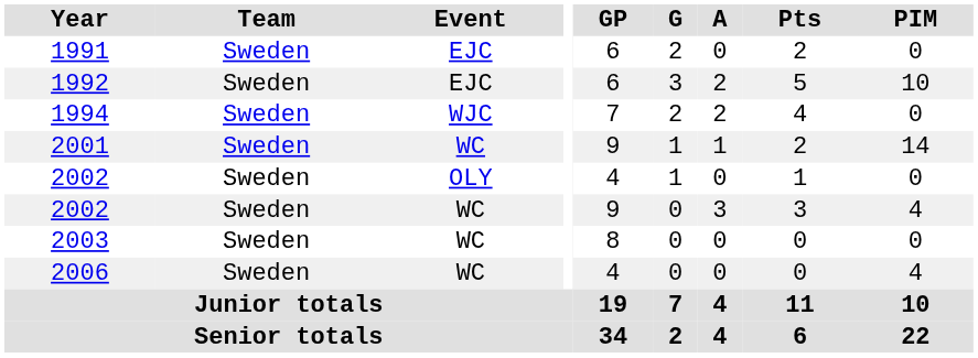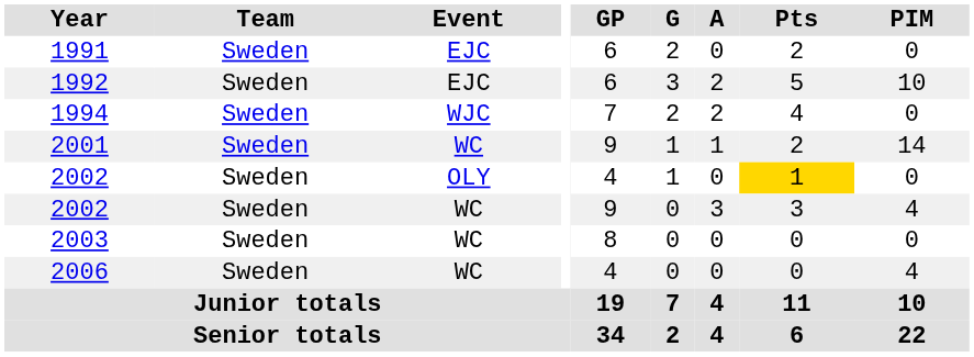 <table border="0" cellpadding="1" cellspacing="0" ID="Table3" style="text-align:center; width:40em">
 <tr bgcolor="#e0e0e0">
 <th>Year</th>
 <th>Team</th>
 <th>Event</th>
 <th rowspan="102" bgcolor="#ffffff"></th>
 <th>GP</th>
 <th>G</th>
 <th>A</th>
 <th>Pts</th>
 <th>PIM</th>
 </tr>
 <tr>
 <td><a href='#'>1991</a></td>
 <td><a href='#'>Sweden</a></td>
 <td><a href='#'>EJC</a></td>
 <td>6</td>
 <td>2</td>
 <td>0</td>
 <td>2</td>
 <td>0</td>
 </tr>
 <tr bgcolor="#f0f0f0">
 <td><a href='#'>1992</a></td>
 <td>Sweden</td>
 <td>EJC</td>
 <td>6</td>
 <td>3</td>
 <td>2</td>
 <td>5</td>
 <td>10</td>
 </tr>
 <tr>
 <td><a href='#'>1994</a></td>
 <td><a href='#'>Sweden</a></td>
 <td><a href='#'>WJC</a></td>
 <td>7</td>
 <td>2</td>
 <td>2</td>
 <td>4</td>
 <td>0</td>
 </tr>
 <tr bgcolor="#f0f0f0">
 <td><a href='#'>2001</a></td>
 <td><a href='#'>Sweden</a></td>
 <td><a href='#'>WC</a></td>
 <td>9</td>
 <td>1</td>
 <td>1</td>
 <td>2</td>
 <td>14</td>
 </tr>
 <tr>
 <td><a href='#'>2002</a></td>
 <td>Sweden</td>
 <td><a href='#'>OLY</a></td>
 <td>4</td>
 <td>1</td>
 <td>0</td>
-<td>1</td>
+<td style="background: gold;">1</td>
 <td>0</td>
 </tr>
 <tr bgcolor="#f0f0f0">
 <td><a href='#'>2002</a></td>
 <td>Sweden</td>
 <td>WC</td>
 <td>9</td>
 <td>0</td>
 <td>3</td>
 <td>3</td>
 <td>4</td>
 </tr>
 <tr>
 <td><a href='#'>2003</a></td>
 <td>Sweden</td>
 <td>WC</td>
 <td>8</td>
 <td>0</td>
 <td>0</td>
 <td>0</td>
 <td>0</td>
 </tr>
 <tr bgcolor="#f0f0f0">
 <td><a href='#'>2006</a></td>
 <td>Sweden</td>
 <td>WC</td>
 <td>4</td>
 <td>0</td>
 <td>0</td>
 <td>0</td>
 <td>4</td>
 </tr>
 <tr bgcolor="#e0e0e0">
 <th colspan="4">Junior totals</th>
 <th>19</th>
 <th>7</th>
 <th>4</th>
 <th>11</th>
 <th>10</th>
 </tr>
 <tr bgcolor="#e0e0e0">
 <th colspan="4">Senior totals</th>
 <th>34</th>
 <th>2</th>
 <th>4</th>
 <th>6</th>
 <th>22</th>
 </tr>
 </table>
